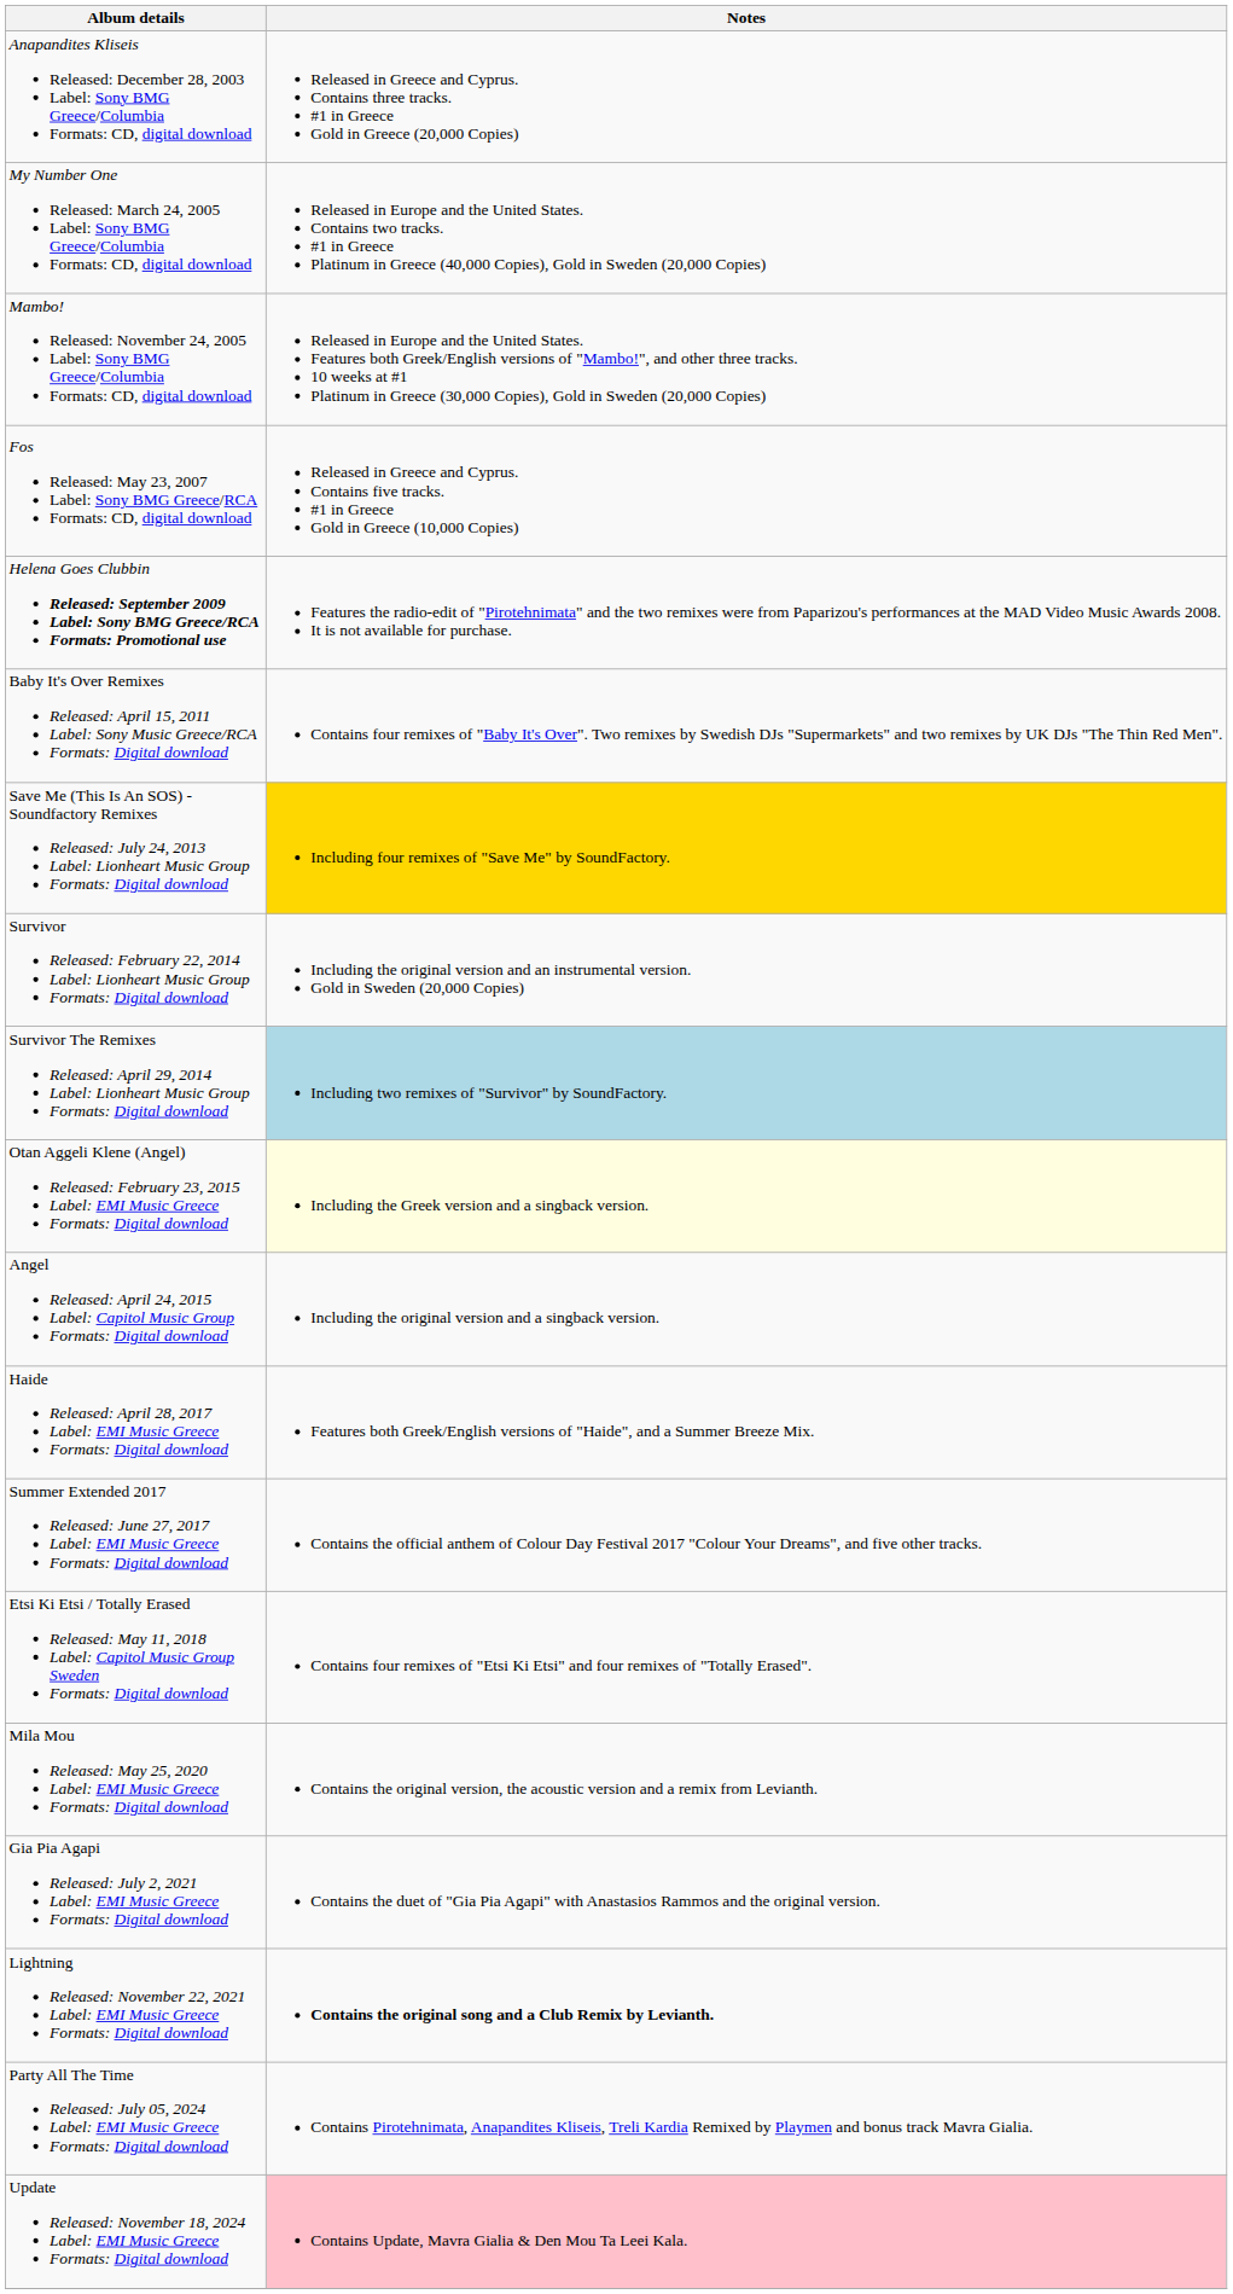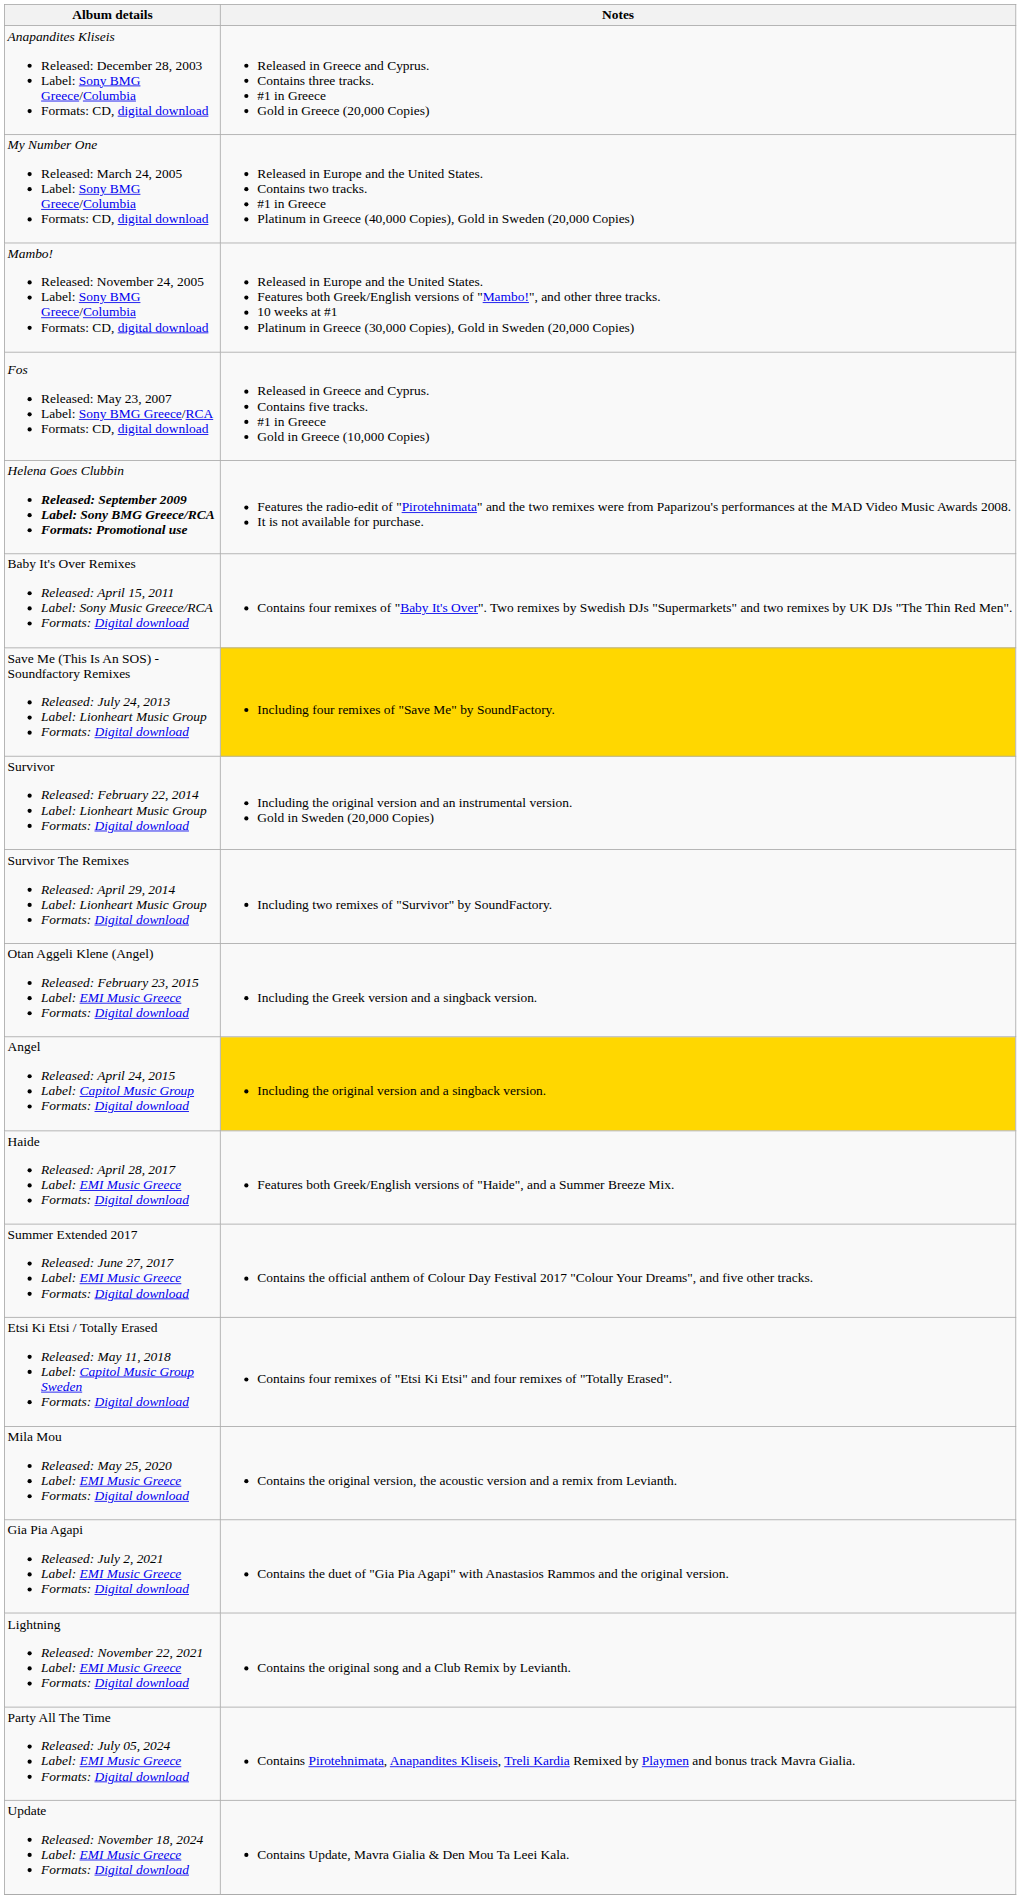 <table class="wikitable" style="text-align:center;">
 <tr>
 <th style="width:250px;">Album details</th>
 <th>Notes</th>
 </tr>
 <tr>
 <td align="left"><em>Anapandites Kliseis</em><br><ul><li>Released: December 28, 2003</li><li>Label: <a href='#'>Sony BMG Greece</a>/<a href='#'>Columbia</a></li><li>Formats: CD, <a href='#'>digital download</a></li></ul></td>
 <td align="left"><br><ul><li>Released in Greece and Cyprus.</li><li>Contains three tracks.</li><li>#1 in Greece</li><li>Gold in Greece (20,000 Copies)</li></ul></td>
 </tr>
 <tr>
 <td align="left"><em>My Number One</em><br><ul><li>Released: March 24, 2005</li><li>Label: <a href='#'>Sony BMG Greece</a>/<a href='#'>Columbia</a></li><li>Formats: CD, <a href='#'>digital download</a></li></ul></td>
 <td align="left"><br><ul><li>Released in Europe and the United States.</li><li>Contains two tracks.</li><li>#1 in Greece</li><li>Platinum in Greece (40,000 Copies), Gold in Sweden (20,000 Copies)</li></ul></td>
 </tr>
 <tr>
 <td align="left"><em>Mambo!</em><br><ul><li>Released: November 24, 2005</li><li>Label: <a href='#'>Sony BMG Greece</a>/<a href='#'>Columbia</a></li><li>Formats: CD, <a href='#'>digital download</a></li></ul></td>
 <td align="left"><br><ul><li>Released in Europe and the United States.</li><li>Features both Greek/English versions of "<a href='#'>Mambo!</a>", and other three tracks.</li><li>10 weeks at #1</li><li>Platinum in Greece (30,000 Copies), Gold in Sweden (20,000 Copies)</li></ul></td>
 </tr>
 <tr>
 <td align="left"><em>Fos</em><br><ul><li>Released: May 23, 2007</li><li>Label: <a href='#'>Sony BMG Greece</a>/<a href='#'>RCA</a></li><li>Formats: CD, <a href='#'>digital download</a></li></ul></td>
 <td align="left"><br><ul><li>Released in Greece and Cyprus.</li><li>Contains five tracks.</li><li>#1 in Greece</li><li>Gold in Greece (10,000 Copies)</li></ul></td>
 </tr>
 <tr>
 <td align="left"><em>Helena Goes Clubbin<strong><br><ul><li>Released: September 2009</li><li>Label: Sony BMG Greece/RCA</li><li>Formats: Promotional use</li></ul></td>
 <td align="left"><br><ul><li>Features the radio-edit of "<a href='#'>Pirotehnimata</a>" and the two remixes were from Paparizou's performances at the MAD Video Music Awards 2008.</li><li>It is not available for purchase.</li></ul></td>
 </tr>
 <tr>
 <td align="left"></em>Baby It's Over Remixes<em><br><ul><li>Released: April 15, 2011</li><li>Label: Sony Music Greece/RCA</li><li>Formats: <a href='#'>Digital download</a></li></ul></td>
 <td align="left"><br><ul><li>Contains four remixes of "<a href='#'>Baby It's Over</a>". Two remixes by Swedish DJs "Supermarkets" and two remixes by UK DJs "The Thin Red Men".</li></ul></td>
 </tr>
 <tr>
 <td align="left"></em>Save Me (This Is An SOS) - Soundfactory Remixes<em><br><ul><li>Released: July 24, 2013</li><li>Label: Lionheart Music Group</li><li>Formats: <a href='#'>Digital download</a></li></ul></td>
 <td align="left" style="background: gold;"><br><ul><li>Including four remixes of "Save Me" by SoundFactory.</li></ul></td>
 </tr>
 <tr>
 <td align="left"></em>Survivor<em><br><ul><li>Released: February 22, 2014</li><li>Label: Lionheart Music Group</li><li>Formats: <a href='#'>Digital download</a></li></ul></td>
 <td align="left"><br><ul><li>Including the original version and an instrumental version.</li><li>Gold in Sweden (20,000 Copies)</li></ul></td>
 </tr>
 <tr>
 <td align="left"></em>Survivor The Remixes<em><br><ul><li>Released: April 29, 2014</li><li>Label: Lionheart Music Group</li><li>Formats: <a href='#'>Digital download</a></li></ul></td>
-<td align="left" style="background: lightblue;"><br><ul><li>Including two remixes of "Survivor" by SoundFactory.</li></ul></td>
+<td align="left"><br><ul><li>Including two remixes of "Survivor" by SoundFactory.</li></ul></td>
 </tr>
 <tr>
 <td align="left"></em>Otan Aggeli Klene (Angel)<em><br><ul><li>Released: February 23, 2015</li><li>Label: <a href='#'>EMI Music Greece</a></li><li>Formats: <a href='#'>Digital download</a></li></ul></td>
-<td align="left" style="background: lightyellow;"><br><ul><li>Including the Greek version and a singback version.</li></ul></td>
+<td align="left"><br><ul><li>Including the Greek version and a singback version.</li></ul></td>
 </tr>
 <tr>
 <td align="left"></em>Angel<em><br><ul><li>Released: April 24, 2015</li><li>Label: <a href='#'>Capitol Music Group</a></li><li>Formats: <a href='#'>Digital download</a></li></ul></td>
-<td align="left"><br><ul><li>Including the original version and a singback version.</li></ul></td>
+<td align="left" style="background: gold;"><br><ul><li>Including the original version and a singback version.</li></ul></td>
 </tr>
 <tr>
 <td align="left"></em>Haide<em><br><ul><li>Released: April 28, 2017</li><li>Label: <a href='#'>EMI Music Greece</a></li><li>Formats: <a href='#'>Digital download</a></li></ul></td>
 <td align="left"><br><ul><li>Features both Greek/English versions of "Haide", and a Summer Breeze Mix.</li></ul></td>
 </tr>
 <tr>
 <td align="left"></em>Summer Extended 2017<em><br><ul><li>Released: June 27, 2017</li><li>Label: <a href='#'>EMI Music Greece</a></li><li>Formats: <a href='#'>Digital download</a></li></ul></td>
 <td align="left"><br><ul><li>Contains the official anthem of Colour Day Festival 2017 "Colour Your Dreams", and five other tracks.</li></ul></td>
 </tr>
 <tr>
 <td align="left"></em>Etsi Ki Etsi / Totally Erased<em><br><ul><li>Released: May 11, 2018</li><li>Label: <a href='#'>Capitol Music Group Sweden</a></li><li>Formats: <a href='#'>Digital download</a></li></ul></td>
 <td align="left"><br><ul><li>Contains four remixes of "Etsi Ki Etsi" and four remixes of "Totally Erased".</li></ul></td>
 </tr>
 <tr>
 <td align="left"></em>Mila Mou<em><br><ul><li>Released: May 25, 2020</li><li>Label: <a href='#'>EMI Music Greece</a></li><li>Formats: <a href='#'>Digital download</a></li></ul></td>
 <td align="left"><br><ul><li>Contains the original version, the acoustic version and a remix from Levianth.</li></ul></td>
 </tr>
 <tr>
 <td align="left"></em>Gia Pia Agapi<em><br><ul><li>Released: July 2, 2021</li><li>Label: <a href='#'>EMI Music Greece</a></li><li>Formats: <a href='#'>Digital download</a></li></ul></td>
 <td align="left"><br><ul><li>Contains the duet of "Gia Pia Agapi" with Anastasios Rammos and the original version.</li></ul></td>
 </tr>
 <tr>
 <td align="left"></em>Lightning<em><br><ul><li>Released: November 22, 2021</li><li>Label: <a href='#'>EMI Music Greece</a></li><li>Formats: <a href='#'>Digital download</a></li></ul></td>
-<td align="left"><strong><br><ul><li>Contains the original song and a Club Remix by Levianth.</li></ul></strong></td>
+<td align="left"><br><ul><li>Contains the original song and a Club Remix by Levianth.</li></ul></td>
 </tr>
 <tr>
 <td align="left"></em>Party All The Time<em><br><ul><li>Released: July 05, 2024</li><li>Label: <a href='#'>EMI Music Greece</a></li><li>Formats: <a href='#'>Digital download</a></li></ul></td>
 <td align="left"><br><ul><li>Contains <a href='#'>Pirotehnimata</a>, <a href='#'>Anapandites Kliseis</a>, <a href='#'>Treli Kardia</a> Remixed by <a href='#'>Playmen</a> and bonus track Mavra Gialia.</li></ul></td>
 </tr>
 <tr>
 <td align="left"></em>Update<em><br><ul><li>Released: November 18, 2024</li><li>Label: <a href='#'>EMI Music Greece</a></li><li>Formats: <a href='#'>Digital download</a></li></ul></td>
-<td align="left" style="background: pink;"><br><ul><li>Contains Update, Mavra Gialia & Den Mou Ta Leei Kala.</li></ul></td>
+<td align="left"><br><ul><li>Contains Update, Mavra Gialia & Den Mou Ta Leei Kala.</li></ul></td>
 </tr>
 <tr>
 </tr>
 </table>
